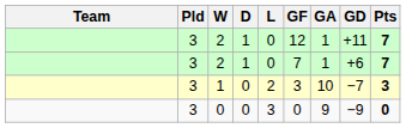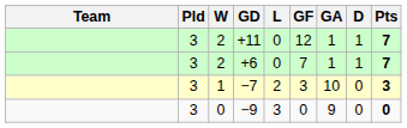 <table class="wikitable" style="text-align:center;">
 <tr>
 <th width=180>Team</th>
 <th width=20>Pld</th>
 <th width=20>W</th>
-<th width=20>D</th>
+<th width=20>GD</th>
 <th width=20>L</th>
 <th width=20>GF</th>
 <th width=20>GA</th>
-<th width=20>GD</th>
+<th width=20>D</th>
 <th width=20>Pts</th>
 </tr>
 <tr bgcolor="ccffcc">
 <td align="left"></td>
 <td>3</td>
 <td>2</td>
-<td>1</td>
+<td>+11</td>
 <td>0</td>
 <td>12</td>
 <td>1</td>
-<td>+11</td>
+<td>1</td>
 <td><strong>7</strong></td>
 </tr>
 <tr bgcolor="ccffcc">
 <td align="left"></td>
 <td>3</td>
 <td>2</td>
-<td>1</td>
+<td>+6</td>
 <td>0</td>
 <td>7</td>
 <td>1</td>
-<td>+6</td>
+<td>1</td>
 <td><strong>7</strong></td>
 </tr>
 <tr bgcolor="ffffcc">
 <td align="left"></td>
 <td>3</td>
 <td>1</td>
-<td>0</td>
+<td>−7</td>
 <td>2</td>
 <td>3</td>
 <td>10</td>
-<td>−7</td>
+<td>0</td>
 <td><strong>3</strong></td>
 </tr>
 <tr>
 <td align="left"><em></em></td>
 <td>3</td>
 <td>0</td>
-<td>0</td>
+<td>−9</td>
 <td>3</td>
 <td>0</td>
 <td>9</td>
-<td>−9</td>
+<td>0</td>
 <td><strong>0</strong></td>
 </tr>
 </table>
